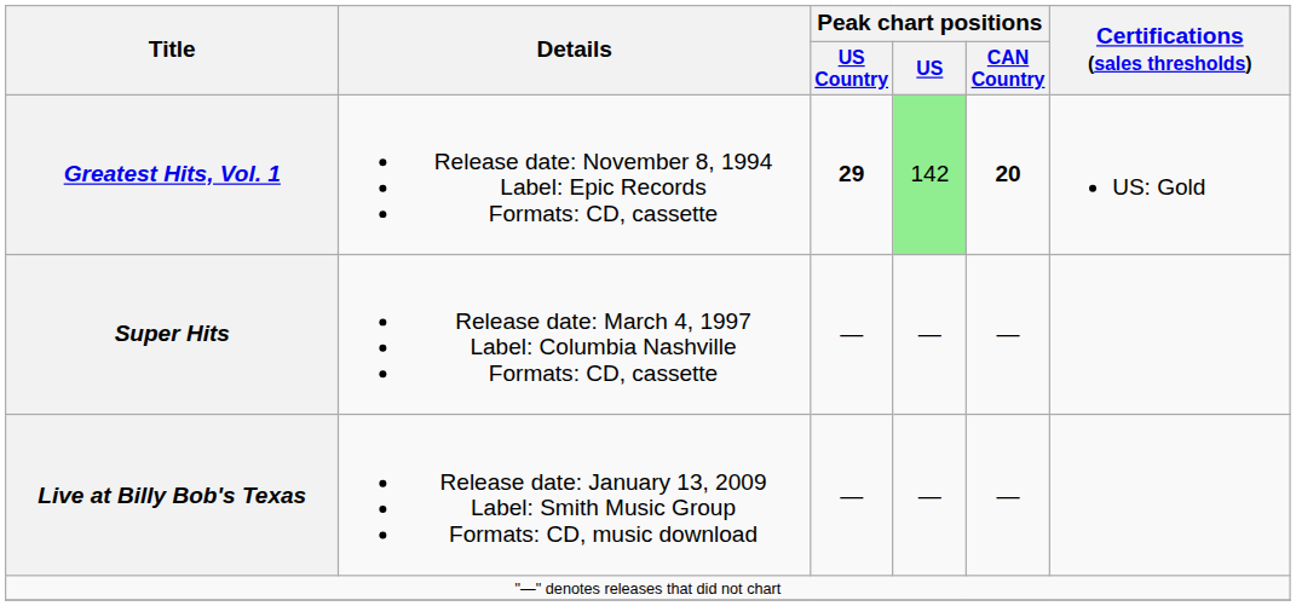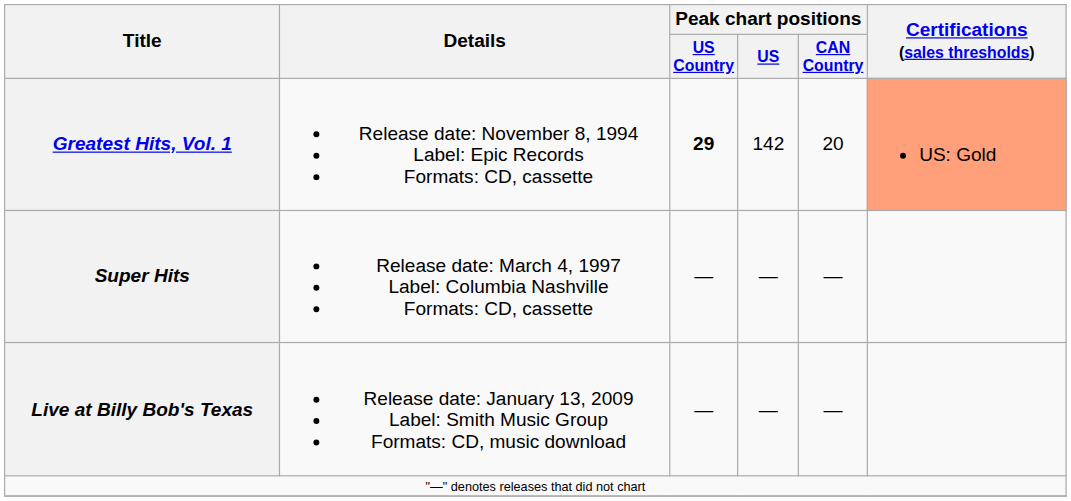 <table class="wikitable plainrowheaders" style="text-align:center;">
 <tr>
 <th rowspan="2" style="width:14em;">Title</th>
 <th rowspan="2" style="width:20em;">Details</th>
 <th colspan="3">Peak chart positions</th>
 <th rowspan="2" style="width:10em;"><a href='#'>Certifications</a><br><small>(<a href='#'>sales thresholds</a>)</small></th>
 </tr>
 <tr style="font-size:smaller;">
 <th width="45"><a href='#'>US Country</a><br></th>
 <th width="45"><a href='#'>US</a><br></th>
 <th width="45"><a href='#'>CAN Country</a><br></th>
 </tr>
 <tr>
 <th scope="row"><em><a href='#'>Greatest Hits, Vol. 1</a></em></th>
 <td><br><ul><li>Release date: November 8, 1994</li><li>Label: Epic Records</li><li>Formats: CD, cassette</li></ul></td>
 <td><strong>29</strong></td>
-<td style="background: lightgreen;">142</td>
-<td><strong>20</strong></td>
-<td align="left"><br><ul><li>US: Gold</li></ul></td>
+<td>142</td>
+<td>20</td>
+<td align="left" style="background: lightsalmon;"><br><ul><li>US: Gold</li></ul></td>
 </tr>
 <tr>
 <th scope="row"><em>Super Hits</em></th>
 <td><br><ul><li>Release date: March 4, 1997</li><li>Label: Columbia Nashville</li><li>Formats: CD, cassette</li></ul></td>
 <td>—</td>
 <td>—</td>
 <td>—</td>
 <td></td>
 </tr>
 <tr>
 <th scope="row"><em>Live at Billy Bob's Texas</em></th>
 <td><br><ul><li>Release date: January 13, 2009</li><li>Label: Smith Music Group</li><li>Formats: CD, music download</li></ul></td>
 <td>—</td>
 <td>—</td>
 <td>—</td>
 <td></td>
 </tr>
 <tr>
 <td colspan="10" style="font-size:8pt">"—" denotes releases that did not chart</td>
 </tr>
 <tr>
 </tr>
 </table>
